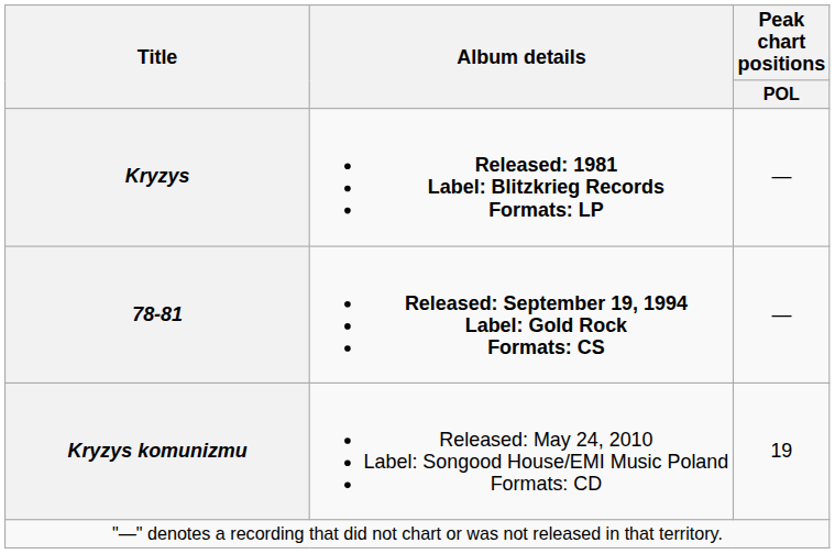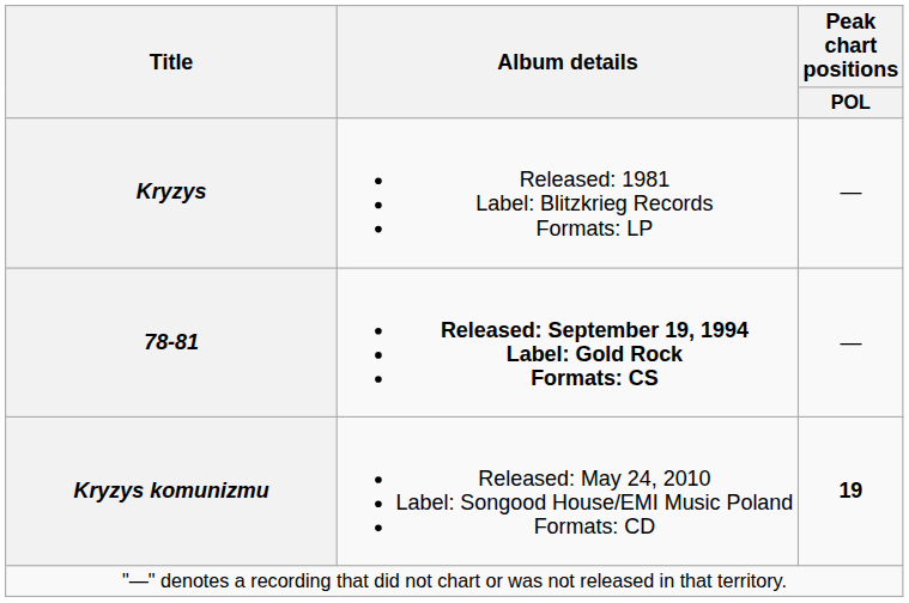 <table class="wikitable plainrowheaders" style="text-align:center;">
 <tr>
 <th scope="col" rowspan="2" style="width:15em;">Title</th>
 <th scope="col" rowspan="2">Album details</th>
 <th scope="col" colspan="1">Peak chart positions</th>
 </tr>
 <tr>
 <th scope="col" style="width:3em;font-size:90%;">POL<br></th>
 </tr>
 <tr>
 <th scope="row"><em>Kryzys</em></th>
-<td><strong><br><ul><li>Released: 1981</li><li>Label: Blitzkrieg Records</li><li>Formats: LP</li></ul></strong></td>
+<td><br><ul><li>Released: 1981</li><li>Label: Blitzkrieg Records</li><li>Formats: LP</li></ul></td>
 <td>—</td>
 </tr>
 <tr>
 <th scope="row"><em>78-81</em></th>
 <td><strong><br><ul><li>Released: September 19, 1994</li><li>Label: Gold Rock</li><li>Formats: CS</li></ul></strong></td>
 <td>—</td>
 </tr>
 <tr>
 <th scope="row"><em>Kryzys komunizmu</em></th>
 <td><br><ul><li>Released: May 24, 2010</li><li>Label: Songood House/EMI Music Poland</li><li>Formats: CD</li></ul></td>
-<td>19</td>
+<td><strong>19</strong></td>
 </tr>
 <tr>
 <td colspan="20" style="font-size:90%">"—" denotes a recording that did not chart or was not released in that territory.</td>
 </tr>
 </table>
